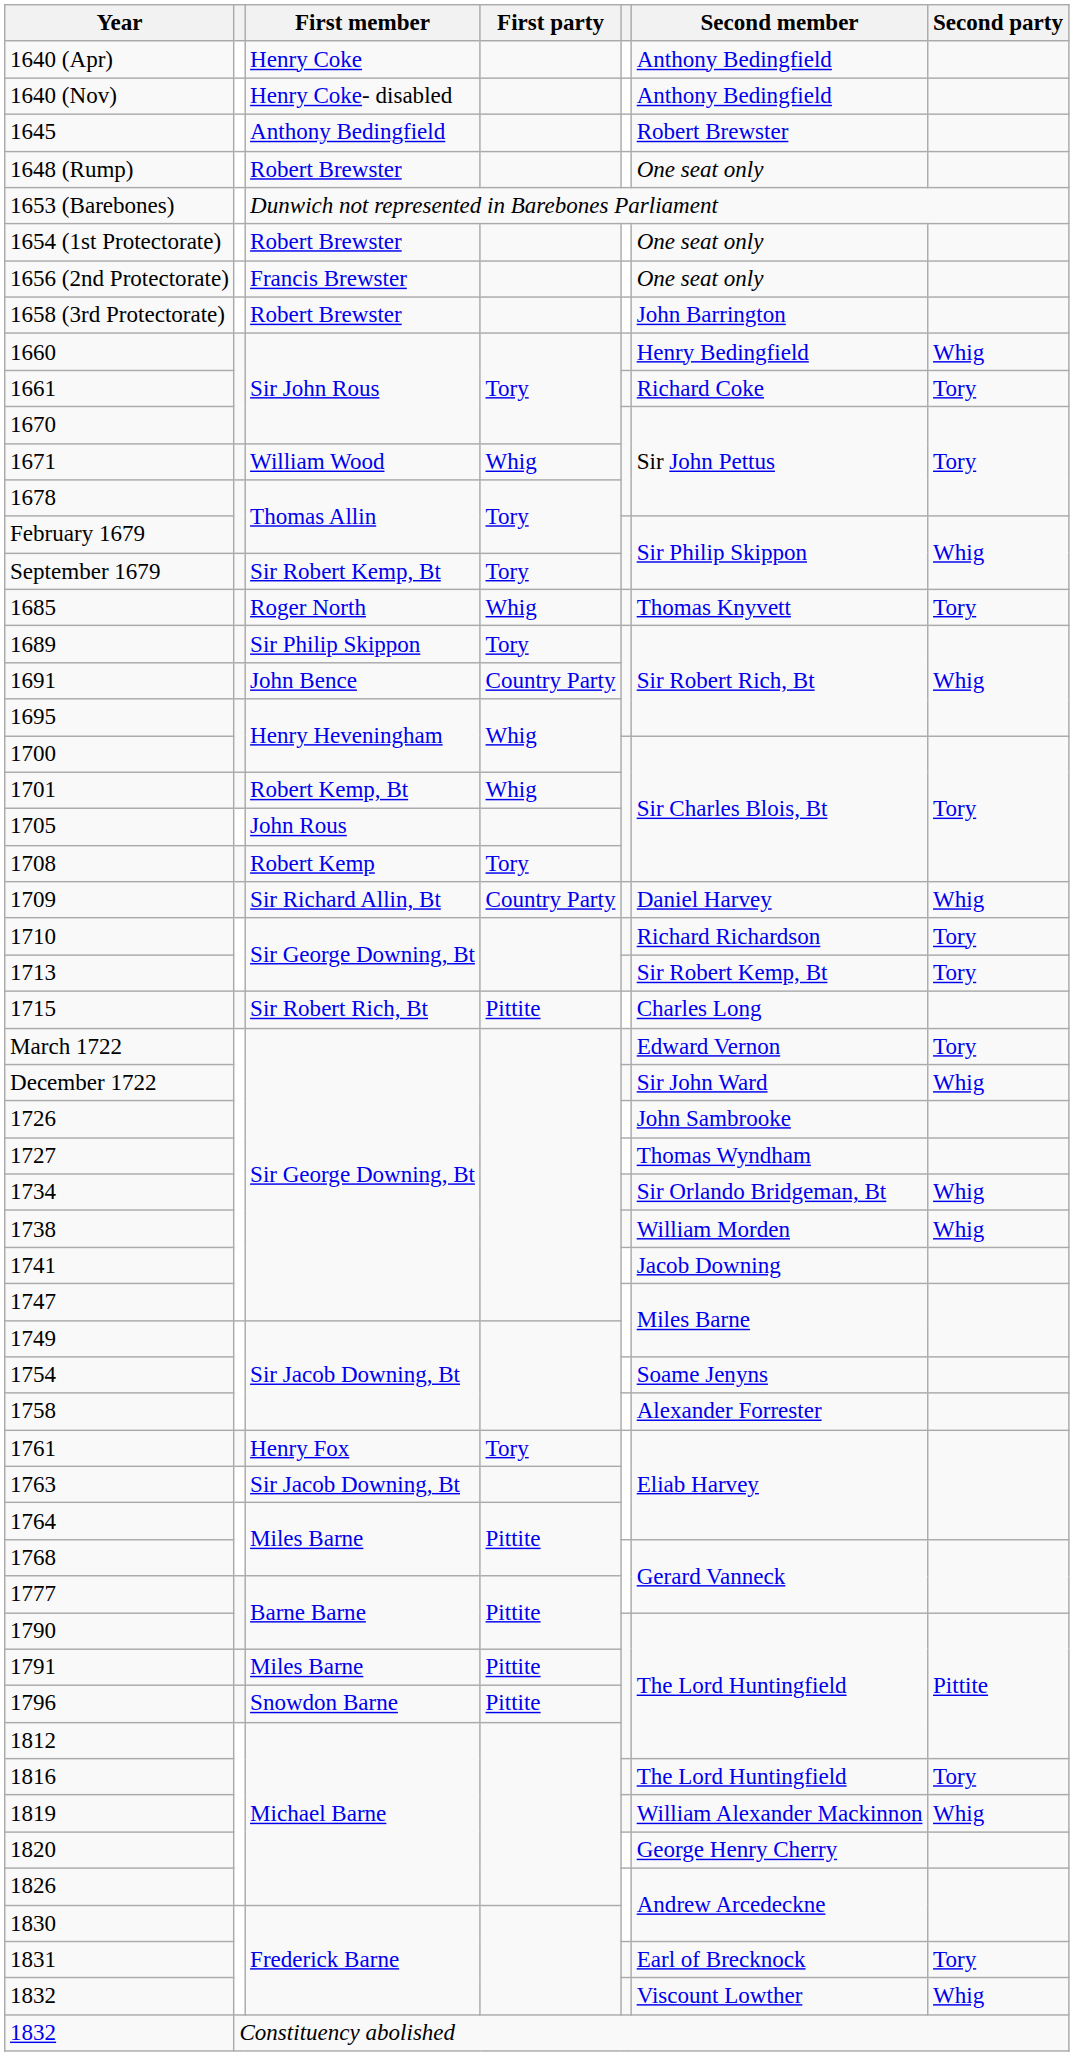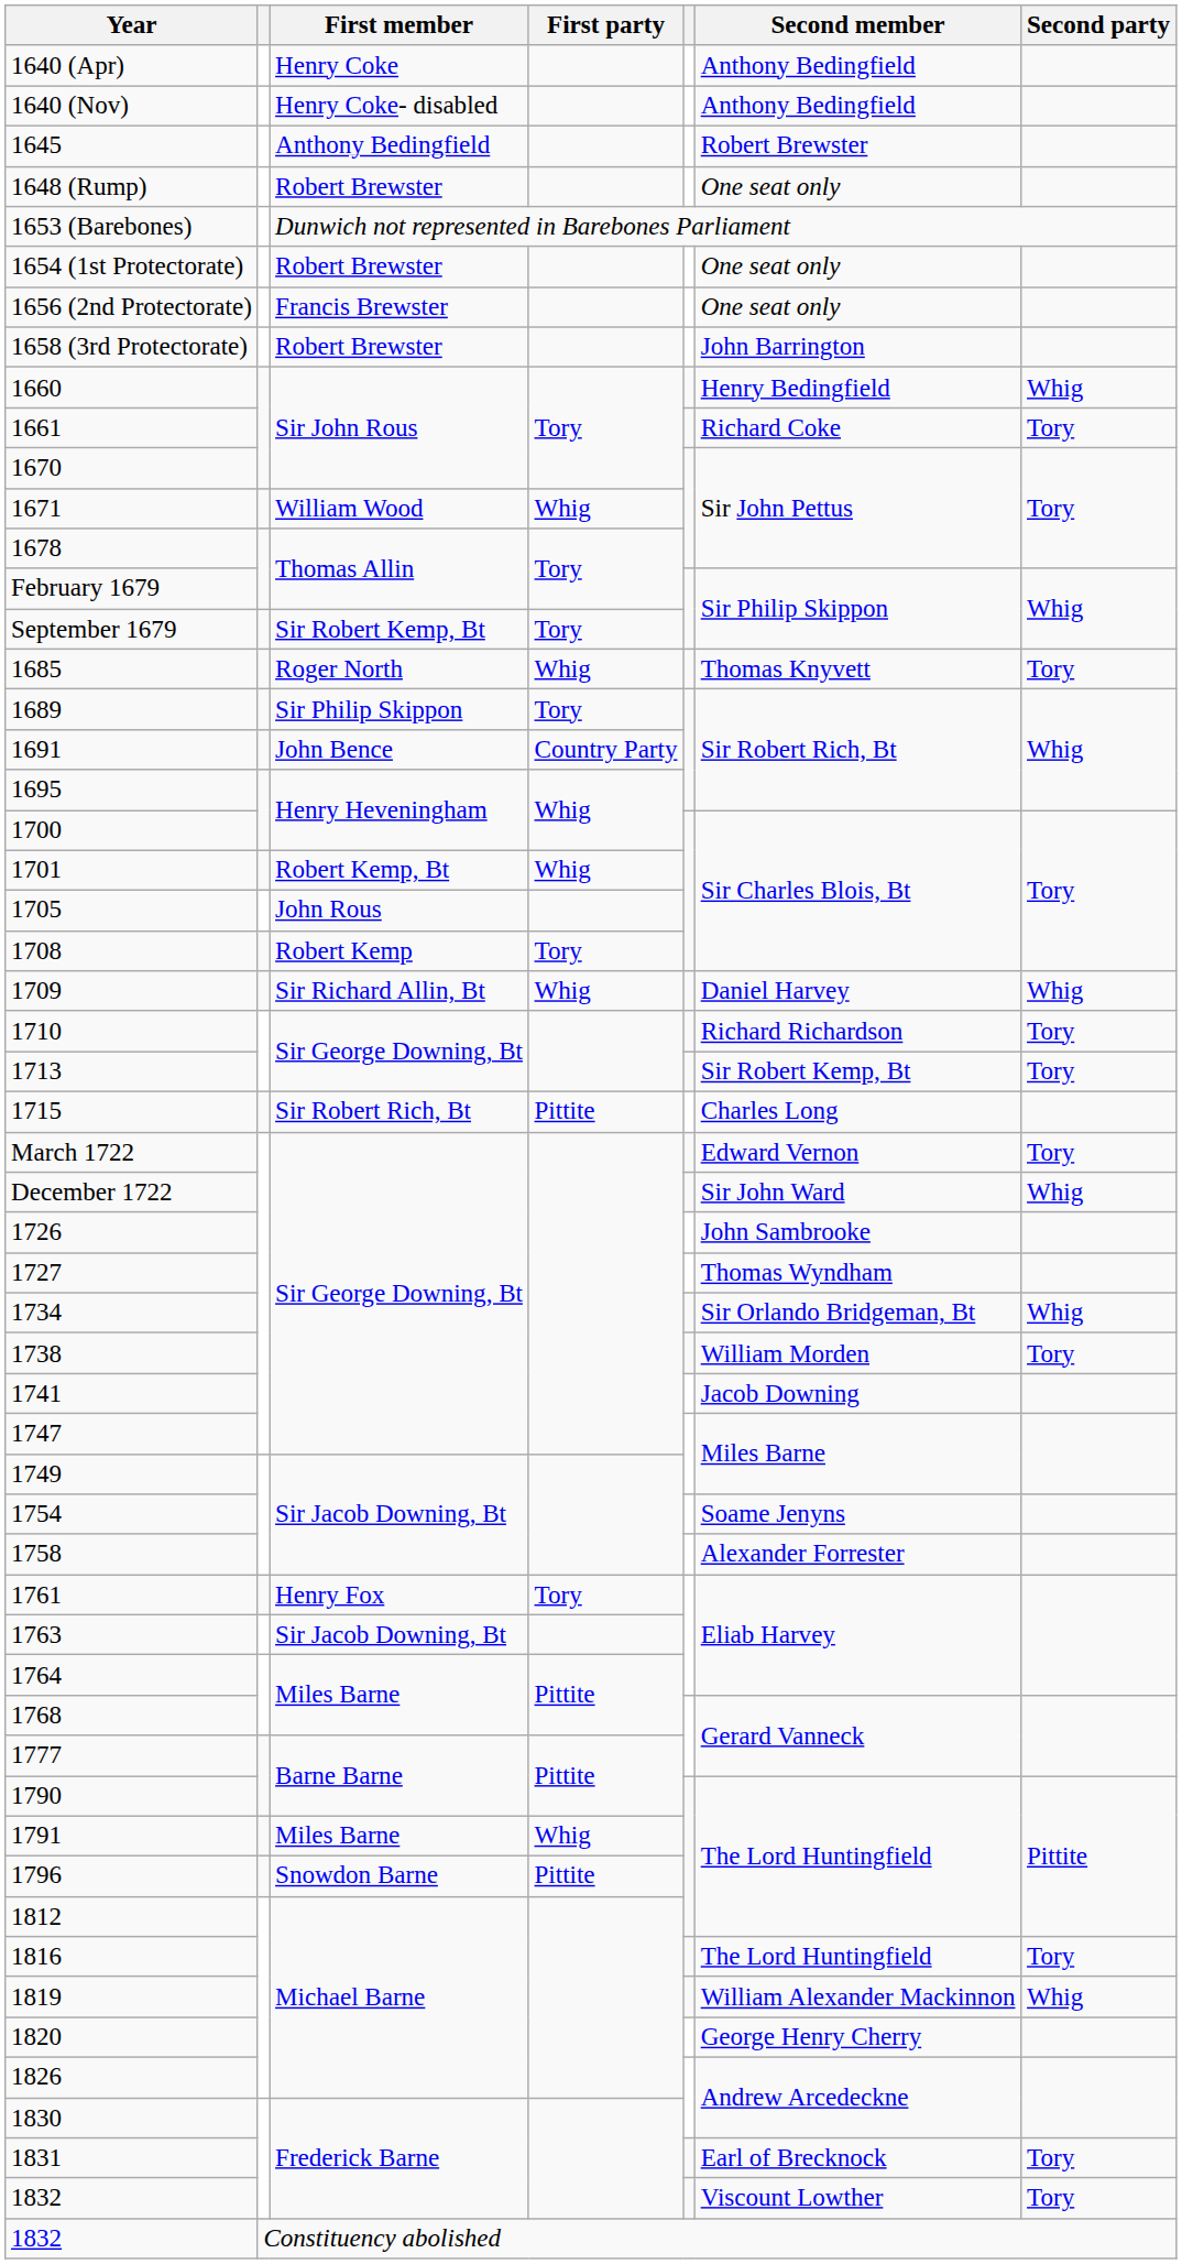 <table class="wikitable">
 <tr>
 <th>Year</th>
 <th></th>
 <th>First member</th>
 <th>First party</th>
 <th></th>
 <th>Second member</th>
 <th>Second party</th>
 </tr>
 <tr>
 <td>1640 (Apr)</td>
 <td style="color:inherit;background-color: white"></td>
 <td><a href='#'>Henry Coke</a></td>
 <td></td>
 <td style="color:inherit;background-color: white"></td>
 <td><a href='#'>Anthony Bedingfield</a></td>
 <td></td>
 </tr>
 <tr>
 <td>1640 (Nov)</td>
 <td style="color:inherit;background-color: white"></td>
 <td><a href='#'>Henry Coke</a>- disabled</td>
 <td></td>
 <td style="color:inherit;background-color: white"></td>
 <td><a href='#'>Anthony Bedingfield</a></td>
 <td></td>
 </tr>
 <tr>
 <td>1645</td>
 <td style="color:inherit;background-color: white"></td>
 <td><a href='#'>Anthony Bedingfield</a></td>
 <td></td>
 <td style="color:inherit;background-color: white"></td>
 <td><a href='#'>Robert Brewster</a></td>
 <td></td>
 </tr>
 <tr>
 <td>1648 (Rump)</td>
 <td style="color:inherit;background-color: white"></td>
 <td><a href='#'>Robert Brewster</a></td>
 <td></td>
 <td style="color:inherit;background-color: white"></td>
 <td><em>One seat only</em></td>
 <td></td>
 </tr>
 <tr>
 <td>1653 (Barebones)</td>
 <td style="color:inherit;background-color: white"></td>
 <td colspan="6"><em>Dunwich not represented in Barebones Parliament</em></td>
 </tr>
 <tr>
 <td>1654 (1st Protectorate)</td>
 <td style="color:inherit;background-color: white"></td>
 <td><a href='#'>Robert Brewster</a></td>
 <td></td>
 <td style="color:inherit;background-color: white"></td>
 <td><em>One seat only</em></td>
 <td></td>
 </tr>
 <tr>
 <td>1656 (2nd Protectorate)</td>
 <td style="color:inherit;background-color: white"></td>
 <td><a href='#'>Francis Brewster</a></td>
 <td></td>
 <td style="color:inherit;background-color: white"></td>
 <td><em>One seat only</em></td>
 <td></td>
 </tr>
 <tr>
 <td>1658 (3rd Protectorate)</td>
 <td style="color:inherit;background-color: white"></td>
 <td><a href='#'>Robert Brewster</a></td>
 <td></td>
 <td style="color:inherit;background-color: white"></td>
 <td><a href='#'>John Barrington</a></td>
 <td></td>
 </tr>
 <tr>
 <td>1660</td>
 <td rowspan="3" style="color:inherit;background-color: "></td>
 <td rowspan="3"><a href='#'>Sir John Rous</a></td>
 <td rowspan="3"> <a href='#'>Tory</a></td>
 <td style="color:inherit;background-color: "></td>
 <td><a href='#'>Henry Bedingfield</a></td>
 <td> <a href='#'>Whig</a></td>
 </tr>
 <tr>
 <td>1661</td>
 <td style="color:inherit;background-color: "></td>
 <td><a href='#'>Richard Coke</a></td>
 <td> <a href='#'>Tory</a></td>
 </tr>
 <tr>
 <td>1670</td>
 <td rowspan="3" style="color:inherit;background-color: "></td>
 <td rowspan="3">Sir <a href='#'>John Pettus</a></td>
 <td rowspan="3"> <a href='#'>Tory</a></td>
 </tr>
 <tr>
 <td>1671</td>
 <td style="color:inherit;background-color: "></td>
 <td><a href='#'>William Wood</a></td>
 <td> <a href='#'>Whig</a></td>
 </tr>
 <tr>
 <td>1678</td>
 <td rowspan="2" style="color:inherit;background-color: "></td>
 <td rowspan="2"><a href='#'>Thomas Allin</a></td>
 <td rowspan="2"> <a href='#'>Tory</a></td>
 </tr>
 <tr>
 <td>February 1679</td>
 <td rowspan="2" style="color:inherit;background-color: "></td>
 <td rowspan="2"><a href='#'>Sir Philip Skippon</a></td>
 <td rowspan="2"> <a href='#'>Whig</a></td>
 </tr>
 <tr>
 <td>September 1679</td>
 <td style="color:inherit;background-color: "></td>
 <td><a href='#'>Sir Robert Kemp, Bt</a></td>
 <td><a href='#'>Tory</a></td>
 </tr>
 <tr>
 <td>1685</td>
 <td style="color:inherit;background-color: "></td>
 <td><a href='#'>Roger North</a></td>
 <td> <a href='#'>Whig</a></td>
 <td style="color:inherit;background-color: "></td>
 <td><a href='#'>Thomas Knyvett</a></td>
 <td><a href='#'>Tory</a></td>
 </tr>
 <tr>
 <td>1689</td>
 <td style="color:inherit;background-color: "></td>
 <td><a href='#'>Sir Philip Skippon</a></td>
 <td><a href='#'>Tory</a></td>
 <td rowspan="3" style="color:inherit;background-color: "></td>
 <td rowspan="3"><a href='#'>Sir Robert Rich, Bt</a></td>
 <td rowspan="3"><a href='#'>Whig</a></td>
 </tr>
 <tr>
 <td>1691</td>
 <td style="color:inherit;background-color: "></td>
 <td><a href='#'>John Bence</a></td>
 <td> <a href='#'>Country Party</a></td>
 </tr>
 <tr>
 <td>1695</td>
 <td rowspan="2" style="color:inherit;background-color: "></td>
 <td rowspan="2"><a href='#'>Henry Heveningham</a></td>
 <td rowspan="2"> <a href='#'>Whig</a></td>
 </tr>
 <tr>
 <td>1700</td>
 <td rowspan="4" style="color:inherit;background-color: "></td>
 <td rowspan="4"><a href='#'>Sir Charles Blois, Bt</a></td>
 <td rowspan="4"> <a href='#'>Tory</a></td>
 </tr>
 <tr>
 <td>1701</td>
 <td style="color:inherit;background-color: "></td>
 <td><a href='#'>Robert Kemp, Bt</a></td>
 <td> <a href='#'>Whig</a></td>
 </tr>
 <tr>
 <td>1705</td>
 <td style="color:inherit;background-color: white"></td>
 <td><a href='#'>John Rous</a></td>
 <td></td>
 </tr>
 <tr>
 <td>1708</td>
 <td style="color:inherit;background-color: "></td>
 <td><a href='#'>Robert Kemp</a></td>
 <td> <a href='#'>Tory</a></td>
 </tr>
 <tr>
 <td>1709</td>
 <td style="color:inherit;background-color: "></td>
 <td><a href='#'>Sir Richard Allin, Bt</a></td>
-<td> <a href='#'>Country Party</a></td>
+<td> <a href='#'>Whig</a></td>
 <td style="color:inherit;background-color: "></td>
 <td><a href='#'>Daniel Harvey</a></td>
 <td> <a href='#'>Whig</a></td>
 </tr>
 <tr>
 <td>1710</td>
 <td rowspan="2" style="color:inherit;background-color: white"></td>
 <td rowspan="2"><a href='#'>Sir George Downing, Bt</a></td>
 <td rowspan="2"></td>
 <td style="color:inherit;background-color: "></td>
 <td><a href='#'>Richard Richardson</a></td>
 <td> <a href='#'>Tory</a></td>
 </tr>
 <tr>
 <td>1713</td>
 <td style="color:inherit;background-color: "></td>
 <td><a href='#'>Sir Robert Kemp, Bt</a></td>
 <td> <a href='#'>Tory</a></td>
 </tr>
 <tr>
 <td>1715</td>
 <td style="color:inherit;background-color: "></td>
 <td><a href='#'>Sir Robert Rich, Bt</a></td>
 <td> <a href='#'>Pittite</a></td>
 <td style="color:inherit;background-color: white"></td>
 <td><a href='#'>Charles Long</a></td>
 <td></td>
 </tr>
 <tr>
 <td>March 1722</td>
 <td rowspan="8" style="color:inherit;background-color: white"></td>
 <td rowspan="8"><a href='#'>Sir George Downing, Bt</a></td>
 <td rowspan="8"></td>
 <td style="color:inherit;background-color: "></td>
 <td><a href='#'>Edward Vernon</a></td>
 <td> <a href='#'>Tory</a></td>
 </tr>
 <tr>
 <td>December 1722</td>
 <td style="color:inherit;background-color: "></td>
 <td><a href='#'>Sir John Ward</a></td>
 <td> <a href='#'>Whig</a></td>
 </tr>
 <tr>
 <td>1726</td>
 <td style="color:inherit;background-color: white"></td>
 <td><a href='#'>John Sambrooke</a></td>
 <td></td>
 </tr>
 <tr>
 <td>1727</td>
 <td style="color:inherit;background-color: white"></td>
 <td><a href='#'>Thomas Wyndham</a></td>
 <td></td>
 </tr>
 <tr>
 <td>1734</td>
 <td style="color:inherit;background-color: "></td>
 <td><a href='#'>Sir Orlando Bridgeman, Bt</a></td>
 <td> <a href='#'>Whig</a></td>
 </tr>
 <tr>
 <td>1738</td>
 <td style="color:inherit;background-color: "></td>
 <td><a href='#'>William Morden</a></td>
-<td> <a href='#'>Whig</a></td>
+<td> <a href='#'>Tory</a></td>
 </tr>
 <tr>
 <td>1741</td>
 <td style="color:inherit;background-color: white"></td>
 <td><a href='#'>Jacob Downing</a></td>
 <td></td>
 </tr>
 <tr>
 <td>1747</td>
 <td rowspan="2" style="color:inherit;background-color: white"></td>
 <td rowspan="2"><a href='#'>Miles Barne</a></td>
 <td rowspan="2"></td>
 </tr>
 <tr>
 <td>1749</td>
 <td rowspan="3" style="color:inherit;background-color: white"></td>
 <td rowspan="3"><a href='#'>Sir Jacob Downing, Bt</a></td>
 <td rowspan="3"></td>
 </tr>
 <tr>
 <td>1754</td>
 <td style="color:inherit;background-color: white"></td>
 <td><a href='#'>Soame Jenyns</a></td>
 <td></td>
 </tr>
 <tr>
 <td>1758</td>
 <td style="color:inherit;background-color: white"></td>
 <td><a href='#'>Alexander Forrester</a></td>
 <td></td>
 </tr>
 <tr>
 <td>1761</td>
 <td style="color:inherit;background-color: "></td>
 <td><a href='#'>Henry Fox</a></td>
 <td> <a href='#'>Tory</a></td>
 <td rowspan="3" style="color:inherit;background-color: white"></td>
 <td rowspan="3"><a href='#'>Eliab Harvey</a></td>
 <td rowspan="3"></td>
 </tr>
 <tr>
 <td>1763</td>
 <td style="color:inherit;background-color: white"></td>
 <td><a href='#'>Sir Jacob Downing, Bt</a></td>
 <td></td>
 </tr>
 <tr>
 <td>1764</td>
 <td rowspan="2" style="color:inherit;background-color: white"></td>
 <td rowspan="2"><a href='#'>Miles Barne</a></td>
 <td rowspan="2"> <a href='#'>Pittite</a></td>
 </tr>
 <tr>
 <td>1768</td>
 <td rowspan="2" style="color:inherit;background-color: white"></td>
 <td rowspan="2"><a href='#'>Gerard Vanneck</a></td>
 <td rowspan="2"></td>
 </tr>
 <tr>
 <td>1777</td>
 <td rowspan="2" style="color:inherit;background-color: "></td>
 <td rowspan="2"><a href='#'>Barne Barne</a></td>
 <td rowspan="2"> <a href='#'>Pittite</a></td>
 </tr>
 <tr>
 <td>1790</td>
 <td rowspan="4" style="color:inherit;background-color: "></td>
 <td rowspan="4"><a href='#'>The Lord Huntingfield</a></td>
 <td rowspan="4"> <a href='#'>Pittite</a></td>
 </tr>
 <tr>
 <td>1791</td>
 <td style="color:inherit;background-color: "></td>
 <td><a href='#'>Miles Barne</a></td>
-<td> <a href='#'>Pittite</a></td>
+<td> <a href='#'>Whig</a></td>
 </tr>
 <tr>
 <td>1796</td>
 <td style="color:inherit;background-color: "></td>
 <td><a href='#'>Snowdon Barne</a></td>
 <td> <a href='#'>Pittite</a></td>
 </tr>
 <tr>
 <td>1812</td>
 <td rowspan="5" style="color:inherit;background-color: white"></td>
 <td rowspan="5"><a href='#'>Michael Barne</a></td>
 <td rowspan="5"></td>
 </tr>
 <tr>
 <td>1816</td>
 <td style="color:inherit;background-color: "></td>
 <td><a href='#'>The Lord Huntingfield</a></td>
 <td><a href='#'>Tory</a></td>
 </tr>
 <tr>
 <td>1819</td>
 <td style="color:inherit;background-color: "></td>
 <td><a href='#'>William Alexander Mackinnon</a></td>
 <td> <a href='#'>Whig</a></td>
 </tr>
 <tr>
 <td>1820</td>
 <td style="color:inherit;background-color: white"></td>
 <td><a href='#'>George Henry Cherry</a></td>
 <td></td>
 </tr>
 <tr>
 <td>1826</td>
 <td rowspan="2" style="color:inherit;background-color: white"></td>
 <td rowspan="2"><a href='#'>Andrew Arcedeckne</a></td>
 <td rowspan="2"></td>
 </tr>
 <tr>
 <td>1830</td>
 <td rowspan="3" style="color:inherit;background-color: white"></td>
 <td rowspan="3"><a href='#'>Frederick Barne</a></td>
 <td rowspan="3"></td>
 </tr>
 <tr>
 <td>1831</td>
 <td style="color:inherit;background-color: "></td>
 <td><a href='#'>Earl of Brecknock</a></td>
 <td><a href='#'>Tory</a></td>
 </tr>
 <tr>
 <td>1832</td>
 <td style="color:inherit;background-color: "></td>
 <td><a href='#'>Viscount Lowther</a></td>
-<td> <a href='#'>Whig</a></td>
+<td><a href='#'>Tory</a></td>
 </tr>
 <tr>
 <td><a href='#'>1832</a></td>
 <td colspan="6"><em>Constituency abolished</em></td>
 </tr>
 </table>
